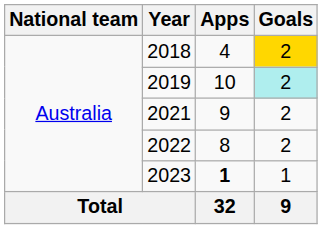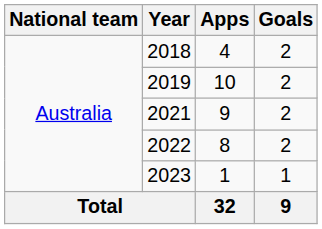 <table class="wikitable" style="text-align:center">
 <tr>
 <th>National team</th>
 <th>Year</th>
 <th>Apps</th>
 <th>Goals</th>
 </tr>
 <tr>
 <td rowspan="5"><a href='#'>Australia</a></td>
 <td>2018</td>
 <td>4</td>
-<td style="background: gold;">2</td>
+<td>2</td>
 </tr>
 <tr>
 <td>2019</td>
 <td>10</td>
-<td style="background: paleturquoise;">2</td>
+<td>2</td>
 </tr>
 <tr>
 <td>2021</td>
 <td>9</td>
 <td>2</td>
 </tr>
 <tr>
 <td>2022</td>
 <td>8</td>
 <td>2</td>
 </tr>
 <tr>
 <td>2023</td>
-<td><strong>1</strong></td>
+<td>1</td>
 <td>1</td>
 </tr>
 <tr>
 <th colspan="2">Total</th>
 <th>32</th>
 <th>9</th>
 </tr>
 </table>
